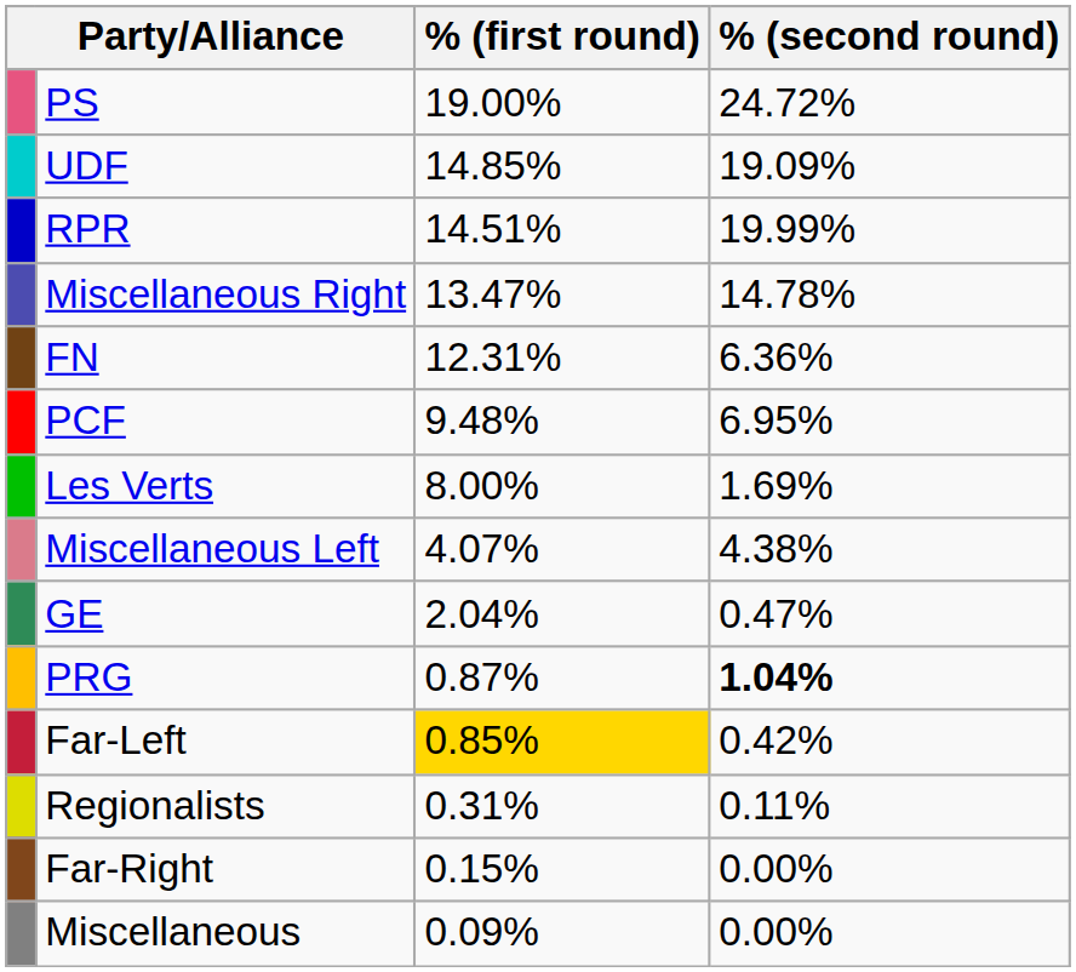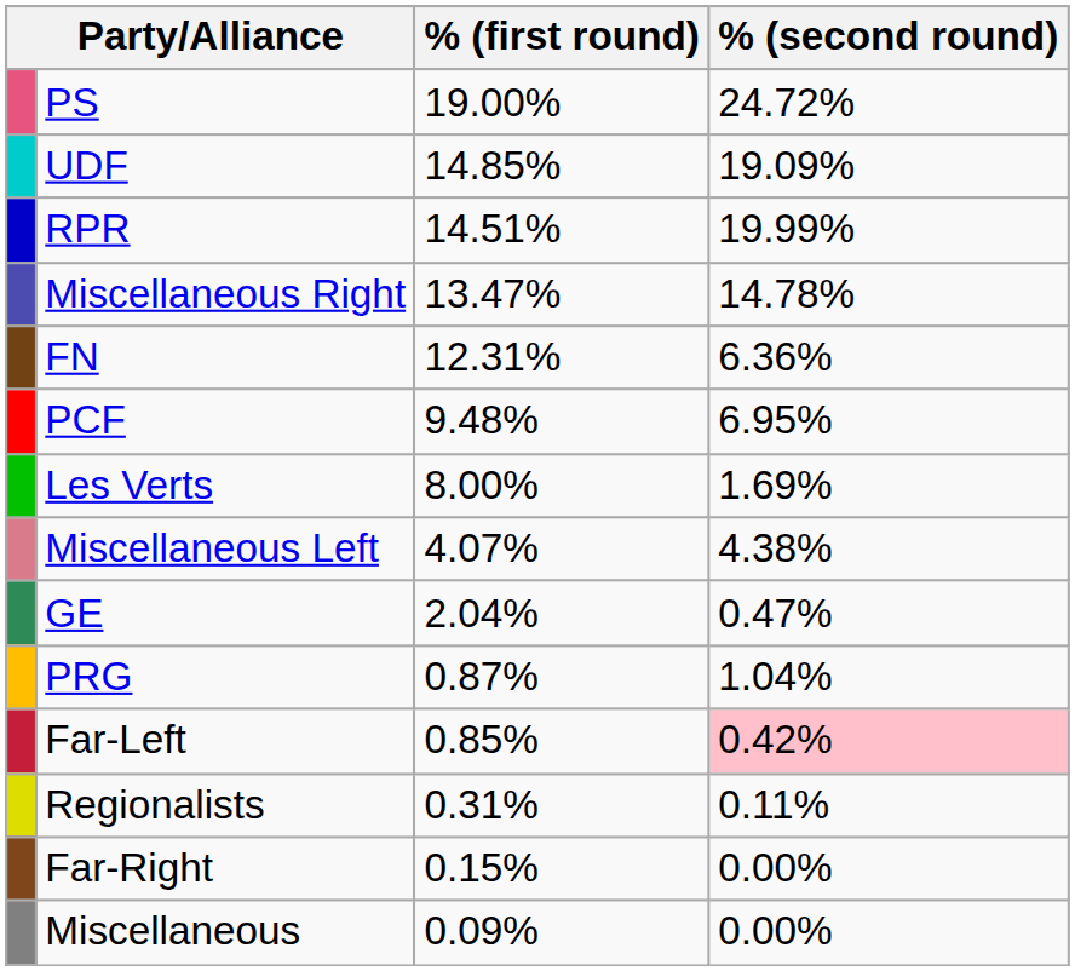 <table class="wikitable">
 <tr bgcolor=lightgrey>
 <th colspan=2>Party/Alliance</th>
 <th>% (first round)</th>
 <th>% (second round)</th>
 </tr>
 <tr>
 <td bgcolor="#E75480"> </td>
 <td><a href='#'>PS</a></td>
 <td>19.00%</td>
 <td>24.72%</td>
 </tr>
 <tr>
 <td bgcolor="#00CCCC"></td>
 <td><a href='#'>UDF</a></td>
 <td>14.85%</td>
 <td>19.09%</td>
 </tr>
 <tr>
 <td bgcolor="#0000C8"> </td>
 <td><a href='#'>RPR</a></td>
 <td>14.51%</td>
 <td>19.99%</td>
 </tr>
 <tr>
 <td bgcolor="#4C4CB0"></td>
 <td><a href='#'>Miscellaneous Right</a></td>
 <td>13.47%</td>
 <td>14.78%</td>
 </tr>
 <tr>
 <td bgcolor="#704214"></td>
 <td><a href='#'>FN</a></td>
 <td>12.31%</td>
 <td>6.36%</td>
 </tr>
 <tr>
 <td bgcolor="#FF0000"></td>
 <td><a href='#'>PCF</a></td>
 <td>9.48%</td>
 <td>6.95%</td>
 </tr>
 <tr>
 <td bgcolor="#00c000"></td>
 <td><a href='#'>Les Verts</a></td>
 <td>8.00%</td>
 <td>1.69%</td>
 </tr>
 <tr>
 <td bgcolor="#DA7B8B"></td>
 <td><a href='#'>Miscellaneous Left</a></td>
 <td>4.07%</td>
 <td>4.38%</td>
 </tr>
 <tr>
 <td bgcolor="#2E8B57"></td>
 <td><a href='#'>GE</a></td>
 <td>2.04%</td>
 <td>0.47%</td>
 </tr>
 <tr>
 <td bgcolor="#FFBF00"></td>
 <td><a href='#'>PRG</a></td>
 <td>0.87%</td>
-<td><strong>1.04%</strong></td>
+<td>1.04%</td>
 </tr>
 <tr>
 <td bgcolor="#C41E3A"></td>
 <td>Far-Left</td>
-<td style="background: gold;">0.85%</td>
-<td>0.42%</td>
+<td>0.85%</td>
+<td style="background: pink;">0.42%</td>
 </tr>
 <tr>
 <td bgcolor="#dddd00"></td>
 <td>Regionalists</td>
 <td>0.31%</td>
 <td>0.11%</td>
 </tr>
 <tr>
 <td bgcolor="#80461B"></td>
 <td>Far-Right</td>
 <td>0.15%</td>
 <td>0.00%</td>
 </tr>
 <tr>
 <td bgcolor="gray"></td>
 <td>Miscellaneous</td>
 <td>0.09%</td>
 <td>0.00%</td>
 </tr>
 </table>
